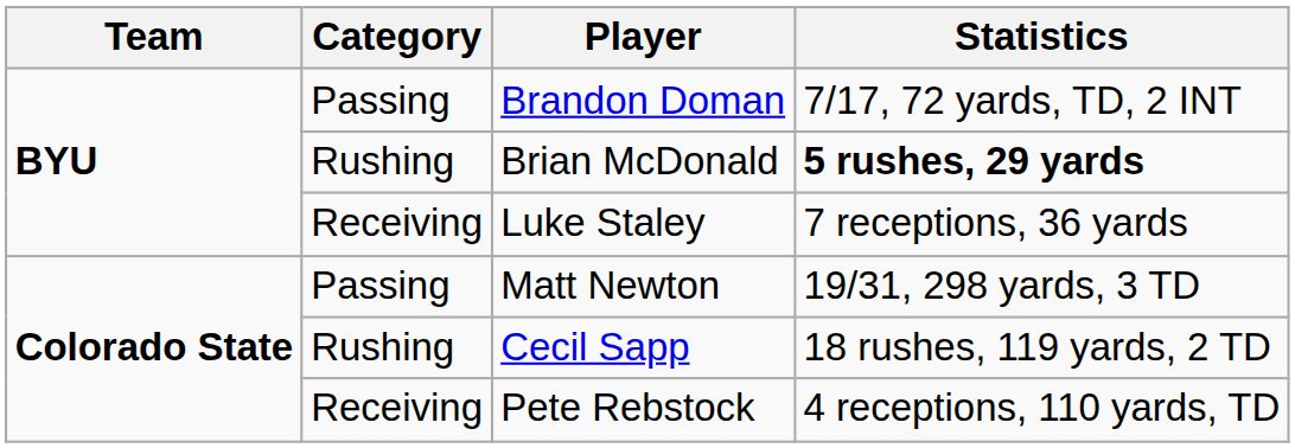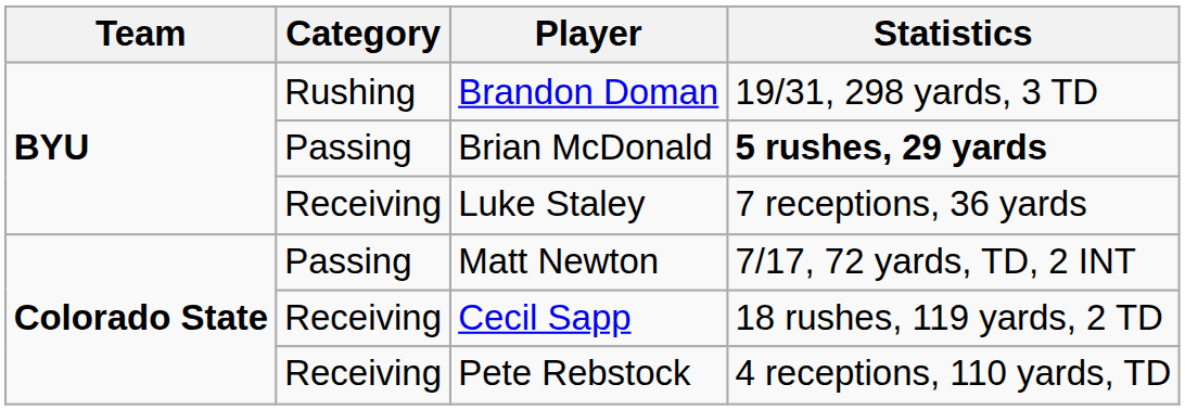 <table class="wikitable" style="float: left;">
 <tr>
 <th>Team</th>
 <th>Category</th>
 <th>Player</th>
 <th>Statistics</th>
 </tr>
 <tr>
 <td rowspan=3><strong>BYU</strong></td>
-<td>Passing</td>
+<td>Rushing</td>
 <td><a href='#'>Brandon Doman</a></td>
-<td>7/17, 72 yards, TD, 2 INT</td>
+<td>19/31, 298 yards, 3 TD</td>
 </tr>
 <tr>
-<td>Rushing</td>
+<td>Passing</td>
 <td>Brian McDonald</td>
 <td><strong>5 rushes, 29 yards</strong></td>
 </tr>
 <tr>
 <td>Receiving</td>
 <td>Luke Staley</td>
 <td>7 receptions, 36 yards</td>
 </tr>
 <tr>
 <td rowspan=3><strong>Colorado State</strong></td>
 <td>Passing</td>
 <td>Matt Newton</td>
-<td>19/31, 298 yards, 3 TD</td>
+<td>7/17, 72 yards, TD, 2 INT</td>
 </tr>
 <tr>
-<td>Rushing</td>
+<td>Receiving</td>
 <td><a href='#'>Cecil Sapp</a></td>
 <td>18 rushes, 119 yards, 2 TD</td>
 </tr>
 <tr>
 <td>Receiving</td>
 <td>Pete Rebstock</td>
 <td>4 receptions, 110 yards, TD</td>
 </tr>
 </table>
